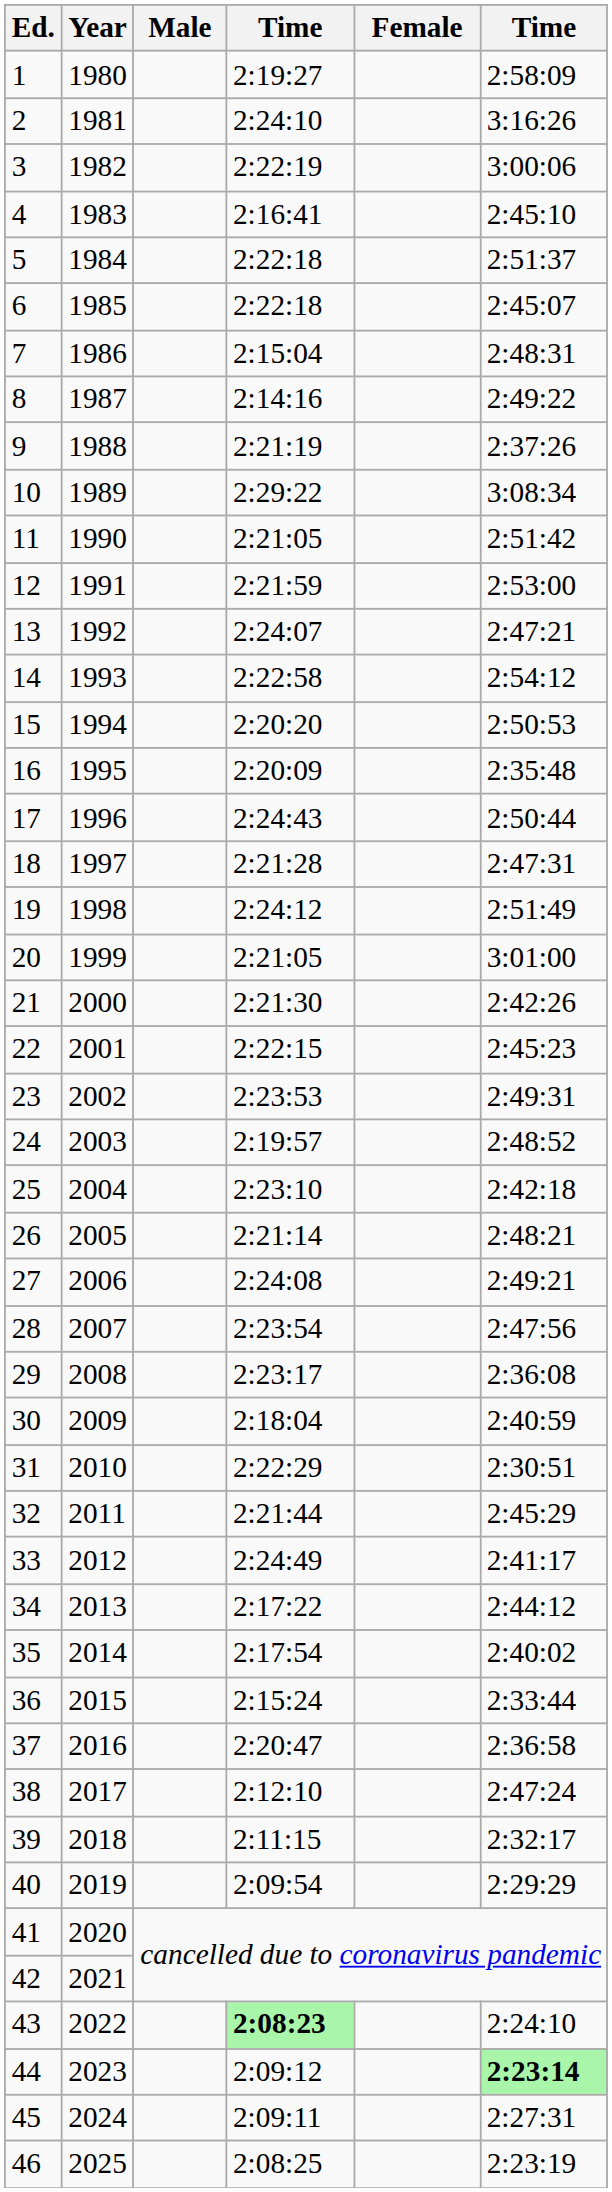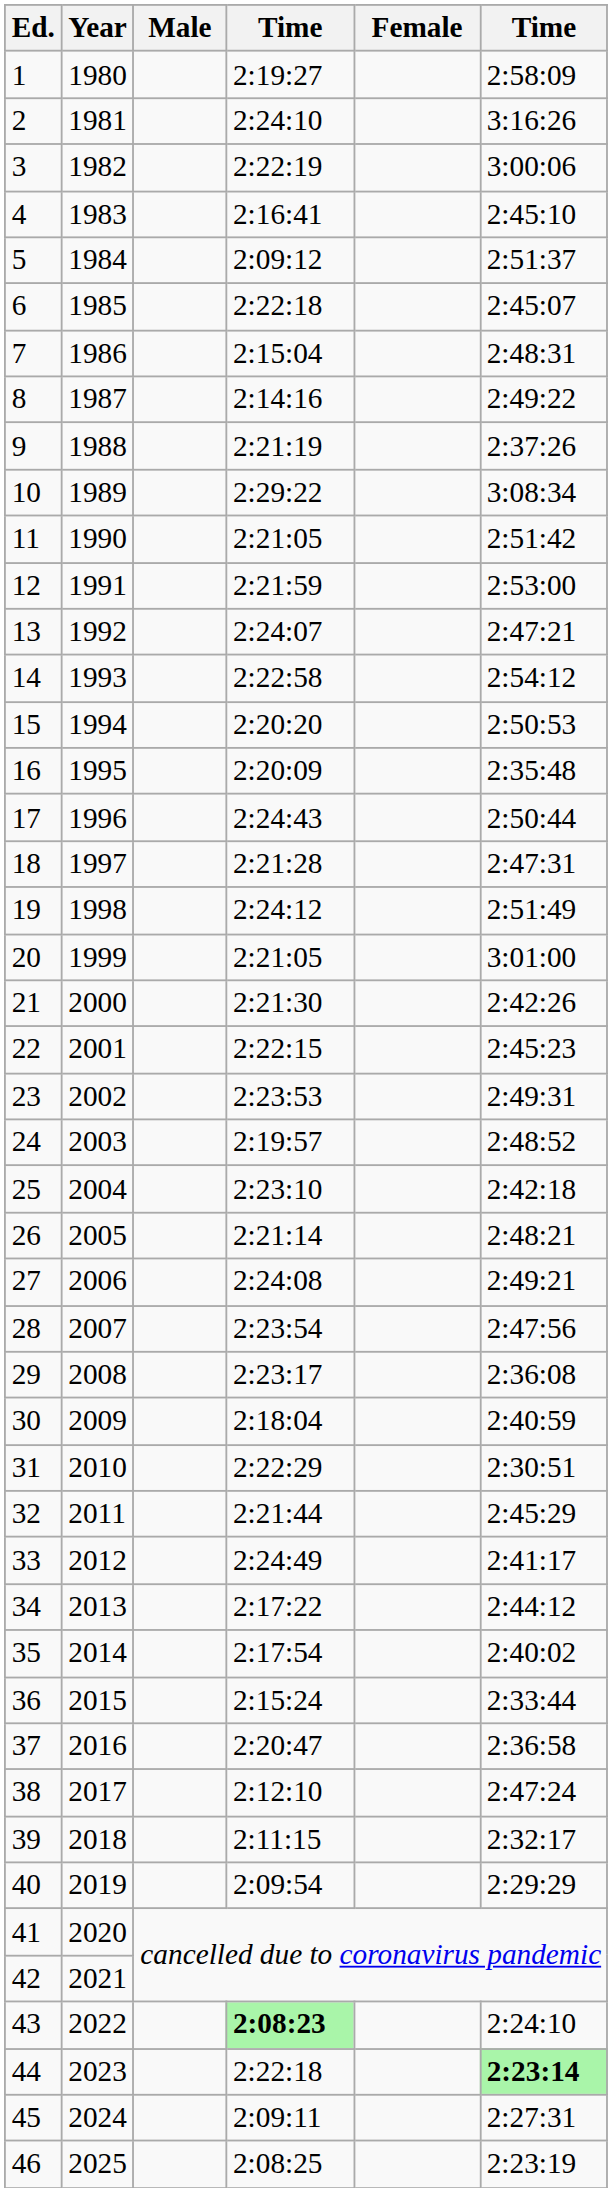 <table class="wikitable sortable" style="left: 1em auto 1em auto">
 <tr>
 <th>Ed.</th>
 <th>Year</th>
 <th>Male</th>
 <th>Time</th>
 <th>Female</th>
 <th>Time</th>
 </tr>
 <tr>
 <td>1</td>
 <td>1980</td>
 <td></td>
 <td>2:19:27</td>
 <td></td>
 <td>2:58:09</td>
 </tr>
 <tr>
 <td>2</td>
 <td>1981</td>
 <td></td>
 <td>2:24:10</td>
 <td></td>
 <td>3:16:26</td>
 </tr>
 <tr>
 <td>3</td>
 <td>1982</td>
 <td></td>
 <td>2:22:19</td>
 <td></td>
 <td>3:00:06</td>
 </tr>
 <tr>
 <td>4</td>
 <td>1983</td>
 <td></td>
 <td>2:16:41</td>
 <td></td>
 <td>2:45:10</td>
 </tr>
 <tr>
 <td>5</td>
 <td>1984</td>
 <td></td>
-<td>2:22:18</td>
+<td>2:09:12</td>
 <td></td>
 <td>2:51:37</td>
 </tr>
 <tr>
 <td>6</td>
 <td>1985</td>
 <td></td>
 <td>2:22:18</td>
 <td></td>
 <td>2:45:07</td>
 </tr>
 <tr>
 <td>7</td>
 <td>1986</td>
 <td></td>
 <td>2:15:04</td>
 <td></td>
 <td>2:48:31</td>
 </tr>
 <tr>
 <td>8</td>
 <td>1987</td>
 <td></td>
 <td>2:14:16</td>
 <td></td>
 <td>2:49:22</td>
 </tr>
 <tr>
 <td>9</td>
 <td>1988</td>
 <td></td>
 <td>2:21:19</td>
 <td></td>
 <td>2:37:26</td>
 </tr>
 <tr>
 <td>10</td>
 <td>1989</td>
 <td></td>
 <td>2:29:22</td>
 <td></td>
 <td>3:08:34</td>
 </tr>
 <tr>
 <td>11</td>
 <td>1990</td>
 <td></td>
 <td>2:21:05</td>
 <td></td>
 <td>2:51:42</td>
 </tr>
 <tr>
 <td>12</td>
 <td>1991</td>
 <td></td>
 <td>2:21:59</td>
 <td></td>
 <td>2:53:00</td>
 </tr>
 <tr>
 <td>13</td>
 <td>1992</td>
 <td></td>
 <td>2:24:07</td>
 <td></td>
 <td>2:47:21</td>
 </tr>
 <tr>
 <td>14</td>
 <td>1993</td>
 <td></td>
 <td>2:22:58</td>
 <td></td>
 <td>2:54:12</td>
 </tr>
 <tr>
 <td>15</td>
 <td>1994</td>
 <td></td>
 <td>2:20:20</td>
 <td></td>
 <td>2:50:53</td>
 </tr>
 <tr>
 <td>16</td>
 <td>1995</td>
 <td></td>
 <td>2:20:09</td>
 <td></td>
 <td>2:35:48</td>
 </tr>
 <tr>
 <td>17</td>
 <td>1996</td>
 <td></td>
 <td>2:24:43</td>
 <td></td>
 <td>2:50:44</td>
 </tr>
 <tr>
 <td>18</td>
 <td>1997</td>
 <td></td>
 <td>2:21:28</td>
 <td></td>
 <td>2:47:31</td>
 </tr>
 <tr>
 <td>19</td>
 <td>1998</td>
 <td></td>
 <td>2:24:12</td>
 <td></td>
 <td>2:51:49</td>
 </tr>
 <tr>
 <td>20</td>
 <td>1999</td>
 <td></td>
 <td>2:21:05</td>
 <td></td>
 <td>3:01:00</td>
 </tr>
 <tr>
 <td>21</td>
 <td>2000</td>
 <td></td>
 <td>2:21:30</td>
 <td></td>
 <td>2:42:26</td>
 </tr>
 <tr>
 <td>22</td>
 <td>2001</td>
 <td></td>
 <td>2:22:15</td>
 <td></td>
 <td>2:45:23</td>
 </tr>
 <tr>
 <td>23</td>
 <td>2002</td>
 <td></td>
 <td>2:23:53</td>
 <td></td>
 <td>2:49:31</td>
 </tr>
 <tr>
 <td>24</td>
 <td>2003</td>
 <td></td>
 <td>2:19:57</td>
 <td></td>
 <td>2:48:52</td>
 </tr>
 <tr>
 <td>25</td>
 <td>2004</td>
 <td></td>
 <td>2:23:10</td>
 <td></td>
 <td>2:42:18</td>
 </tr>
 <tr>
 <td>26</td>
 <td>2005</td>
 <td></td>
 <td>2:21:14</td>
 <td></td>
 <td>2:48:21</td>
 </tr>
 <tr>
 <td>27</td>
 <td>2006</td>
 <td></td>
 <td>2:24:08</td>
 <td></td>
 <td>2:49:21</td>
 </tr>
 <tr>
 <td>28</td>
 <td>2007</td>
 <td></td>
 <td>2:23:54</td>
 <td></td>
 <td>2:47:56</td>
 </tr>
 <tr>
 <td>29</td>
 <td>2008</td>
 <td></td>
 <td>2:23:17</td>
 <td></td>
 <td>2:36:08</td>
 </tr>
 <tr>
 <td>30</td>
 <td>2009</td>
 <td></td>
 <td>2:18:04</td>
 <td></td>
 <td>2:40:59</td>
 </tr>
 <tr>
 <td>31</td>
 <td>2010</td>
 <td></td>
 <td>2:22:29</td>
 <td></td>
 <td>2:30:51</td>
 </tr>
 <tr>
 <td>32</td>
 <td>2011</td>
 <td></td>
 <td>2:21:44</td>
 <td></td>
 <td>2:45:29</td>
 </tr>
 <tr>
 <td>33</td>
 <td>2012</td>
 <td></td>
 <td>2:24:49</td>
 <td></td>
 <td>2:41:17</td>
 </tr>
 <tr>
 <td>34</td>
 <td>2013</td>
 <td></td>
 <td>2:17:22</td>
 <td></td>
 <td>2:44:12</td>
 </tr>
 <tr>
 <td>35</td>
 <td>2014</td>
 <td></td>
 <td>2:17:54</td>
 <td></td>
 <td>2:40:02</td>
 </tr>
 <tr>
 <td>36</td>
 <td>2015</td>
 <td></td>
 <td>2:15:24</td>
 <td></td>
 <td>2:33:44</td>
 </tr>
 <tr>
 <td>37</td>
 <td>2016</td>
 <td></td>
 <td>2:20:47</td>
 <td></td>
 <td>2:36:58</td>
 </tr>
 <tr>
 <td>38</td>
 <td>2017</td>
 <td></td>
 <td>2:12:10</td>
 <td></td>
 <td>2:47:24</td>
 </tr>
 <tr>
 <td>39</td>
 <td>2018</td>
 <td></td>
 <td>2:11:15</td>
 <td></td>
 <td>2:32:17</td>
 </tr>
 <tr>
 <td>40</td>
 <td>2019</td>
 <td></td>
 <td>2:09:54</td>
 <td></td>
 <td>2:29:29</td>
 </tr>
 <tr>
 <td>41</td>
 <td>2020</td>
 <td rowspan="2" colspan="4" align="center"><em>cancelled due to <a href='#'>coronavirus pandemic</a></em></td>
 </tr>
 <tr>
 <td>42</td>
 <td>2021</td>
 </tr>
 <tr>
 <td>43</td>
 <td>2022 </td>
 <td></td>
 <td bgcolor=#A9F5A9><strong>2:08:23</strong></td>
 <td></td>
 <td>2:24:10</td>
 </tr>
 <tr>
 <td>44</td>
 <td>2023</td>
 <td></td>
-<td>2:09:12</td>
+<td>2:22:18</td>
 <td></td>
 <td bgcolor="#A9F5A9"><strong>2:23:14</strong></td>
 </tr>
 <tr>
 <td>45</td>
 <td>2024</td>
 <td></td>
 <td>2:09:11</td>
 <td></td>
 <td>2:27:31</td>
 </tr>
 <tr>
 <td>46</td>
 <td>2025</td>
 <td></td>
 <td>2:08:25</td>
 <td></td>
 <td>2:23:19</td>
 </tr>
 </table>
